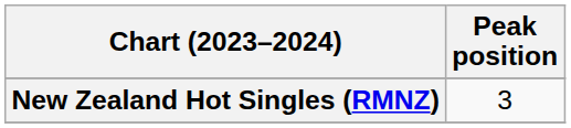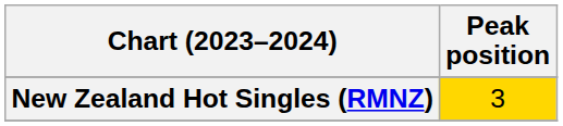 <table class="wikitable sortable plainrowheaders" style="text-align:center">
 <tr>
 <th scope="col">Chart (2023–2024)</th>
 <th scope="col">Peak<br>position</th>
 </tr>
 <tr>
 </tr>
 <tr>
 </tr>
 <tr>
 <th scope="row">New Zealand Hot Singles (<a href='#'>RMNZ</a>)</th>
-<td>3</td>
+<td style="background: gold;">3</td>
 </tr>
 <tr>
 </tr>
 <tr>
 </tr>
 <tr>
 </tr>
 <tr>
 </tr>
 </table>
